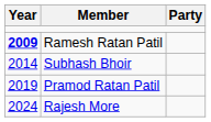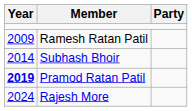 <table class="wikitable">
 <tr>
 <th>Year</th>
 <th>Member</th>
 <th colspan="2">Party</th>
 </tr>
 <tr>
 <td colspan="4"></td>
 </tr>
 <tr>
-<td><strong><a href='#'>2009</a></strong></td>
+<td><a href='#'>2009</a></td>
 <td>Ramesh Ratan Patil</td>
 <td></td>
 </tr>
 <tr>
 <td><a href='#'>2014</a></td>
 <td><a href='#'>Subhash Bhoir</a></td>
 <td></td>
 </tr>
 <tr>
-<td><a href='#'>2019</a></td>
+<td><strong><a href='#'>2019</a></strong></td>
 <td><a href='#'>Pramod Ratan Patil</a></td>
 <td></td>
 </tr>
 <tr>
 <td><a href='#'>2024</a></td>
 <td><a href='#'>Rajesh More</a></td>
 <td></td>
 </tr>
 </table>
